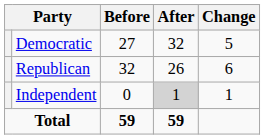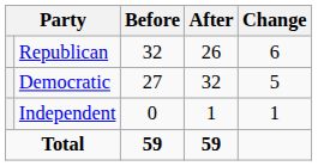 <table class="wikitable" style="text-align:center;">
 <tr>
 <th colspan="2">Party</th>
 <th>Before</th>
 <th>After</th>
 <th>Change</th>
+</tr>
+<tr>
+<th style="background-color:"></th>
+<td style="text-align:left;"><a href='#'>Republican</a></td>
+<td>32</td>
+<td>26</td>
+<td> 6</td>
 </tr>
 <tr>
 <th style="background-color:"></th>
 <td style="text-align:left;"><a href='#'>Democratic</a></td>
 <td>27</td>
 <td>32</td>
 <td> 5</td>
 </tr>
 <tr>
 <th style="background-color:"></th>
-<td style="text-align:left;"><a href='#'>Republican</a></td>
-<td>32</td>
-<td>26</td>
-<td> 6</td>
-</tr>
-<tr>
-<th style="background-color:"></th>
 <td style="text-align:left;"><a href='#'>Independent</a></td>
 <td>0</td>
-<td style="background: lightgrey;">1</td>
+<td>1</td>
 <td> 1</td>
 </tr>
 <tr>
 <td colspan="2"><strong>Total</strong></td>
 <td><strong>59</strong></td>
 <td><strong>59</strong></td>
 <td></td>
 </tr>
 </table>
